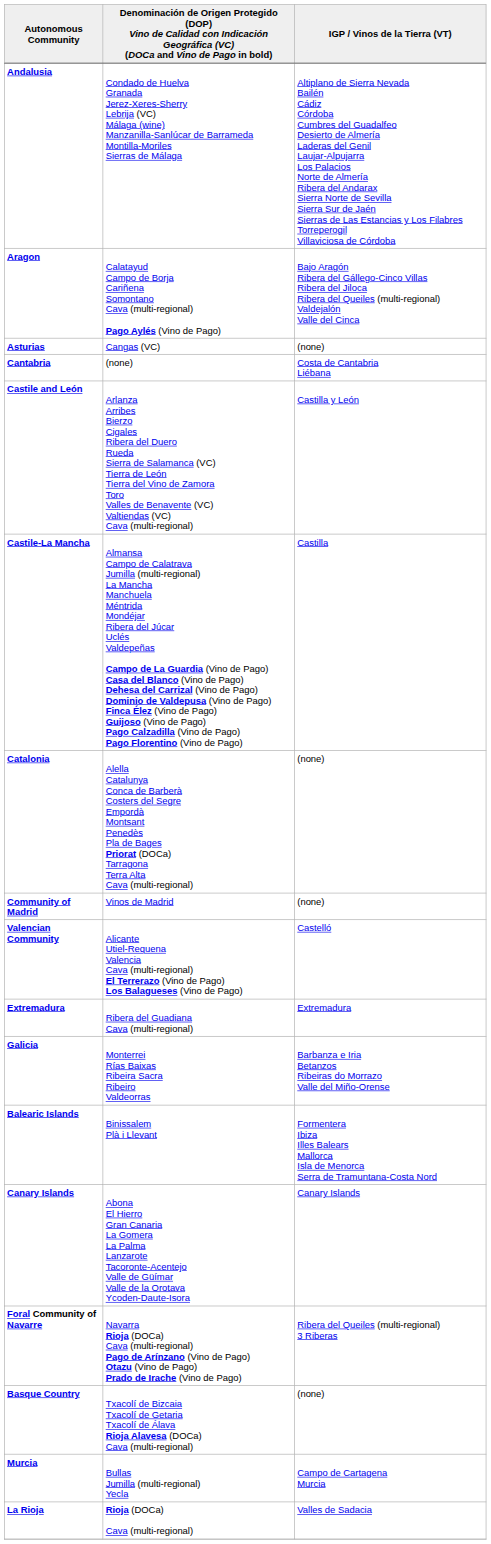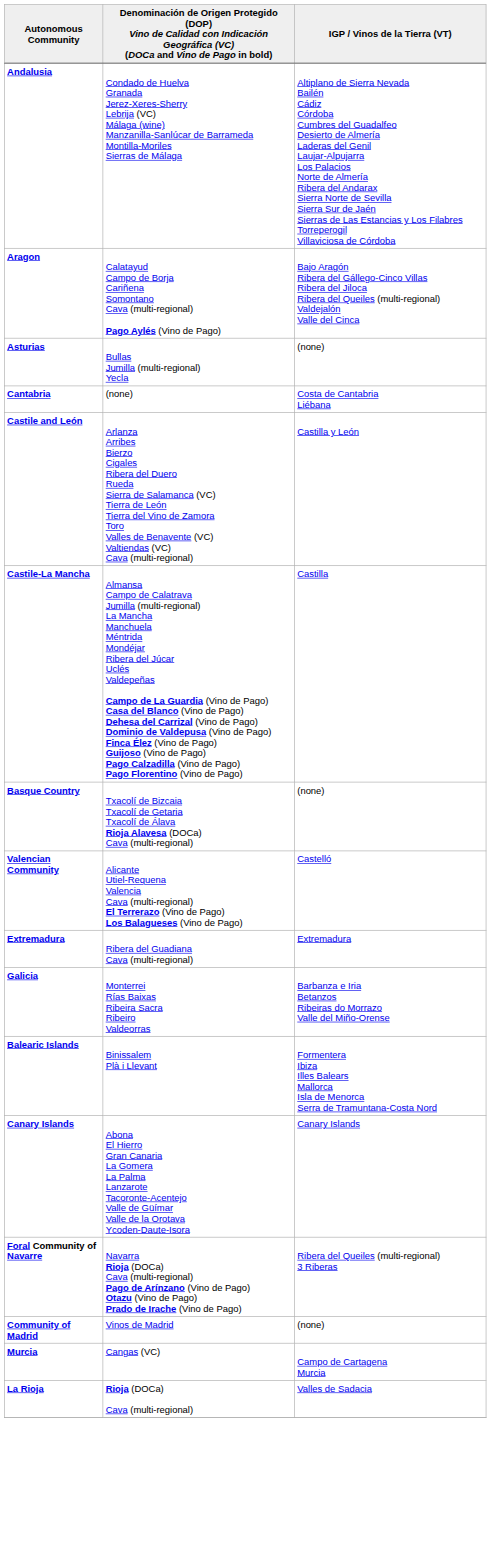 <table align=left border=1 cellpadding=4 cellspacing=0 style="margin: 1em 0 0 0; background: #ffffff; border: 1px #aaaaaa solid; border-collapse: collapse; text-align:left; font-size: 95%;">
 <tr style="text-align:center; background: #efefef; border-bottom:2px solid gray;">
 <th><strong>Autonomous<br>Community</strong></th>
 <th><strong>Denominación de Origen Protegido (DOP)</strong><br><em>Vino de Calidad con Indicación Geográfica (VC)</em><br>(<em>DOCa</em>  and  <em>Vino de Pago</em>  in bold)</th>
 <th><strong>IGP / Vinos de la Tierra (VT)</strong><br></th>
 </tr>
 <tr>
 <td width="100" valign=top><strong><a href='#'>Andalusia</a></strong></td>
 <td width="220" valign=top><br><a href='#'>Condado de Huelva</a><br> <a href='#'>Granada</a><br> <a href='#'>Jerez-Xeres-Sherry</a><br> <a href='#'>Lebrija</a> (VC)<br> <a href='#'>Málaga (wine)</a><br> <a href='#'>Manzanilla-Sanlúcar de Barrameda</a><br> <a href='#'>Montilla-Moriles</a><br> <a href='#'>Sierras de Málaga</a></td>
 <td width="220" valign=top><br><a href='#'>Altiplano de Sierra Nevada</a><br> <a href='#'>Bailén</a><br> <a href='#'>Cádiz</a><br> <a href='#'>Córdoba</a><br> <a href='#'>Cumbres del Guadalfeo</a><br> <a href='#'>Desierto de Almería</a><br> <a href='#'>Laderas del Genil</a><br> <a href='#'>Laujar-Alpujarra</a><br> <a href='#'>Los Palacios</a><br> <a href='#'>Norte de Almería</a><br> <a href='#'>Ribera del Andarax</a><br> <a href='#'>Sierra Norte de Sevilla</a><br> <a href='#'>Sierra Sur de Jaén</a><br> <a href='#'>Sierras de Las Estancias y Los Filabres</a><br> <a href='#'>Torreperogil</a><br> <a href='#'>Villaviciosa de Córdoba</a></td>
 </tr>
 <tr>
 <td width="150" valign=top><strong><a href='#'>Aragon</a></strong></td>
 <td width="300" valign=top><br><a href='#'>Calatayud</a><br> <a href='#'>Campo de Borja</a><br> <a href='#'>Cariñena</a><br> <a href='#'>Somontano</a><br> <a href='#'>Cava</a> (multi-regional)<br> <br> <strong><a href='#'>Pago Aylés</a></strong> (Vino de Pago)<br></td>
 <td width="300" valign=top><br><a href='#'>Bajo Aragón</a><br> <a href='#'>Ribera del Gállego-Cinco Villas</a><br> <a href='#'>Ribera del Jiloca</a><br> <a href='#'>Ribera del Queiles</a> (multi-regional)<br> <a href='#'>Valdejalón</a><br> <a href='#'>Valle del Cinca</a></td>
 </tr>
 <tr>
 <td width="150" valign=top><strong><a href='#'>Asturias</a></strong></td>
-<td width="300" valign=top><a href='#'>Cangas</a> (VC)</td>
+<td width="300" valign=top><br><a href='#'>Bullas</a><br> <a href='#'>Jumilla</a> (multi-regional)<br> <a href='#'>Yecla</a></td>
 <td width="300" valign=top>(none)</td>
 </tr>
 <tr>
 <td width="150" valign=top><strong><a href='#'>Cantabria</a></strong></td>
 <td width="300" valign=top>(none)</td>
 <td width="300" valign=top><a href='#'>Costa de Cantabria</a><br><a href='#'>Liébana</a></td>
 </tr>
 <tr>
 <td width="150" valign=top><strong><a href='#'>Castile and León</a></strong></td>
 <td width="300" valign=top><br><a href='#'>Arlanza</a><br> <a href='#'>Arribes</a><br> <a href='#'>Bierzo</a><br> <a href='#'>Cigales</a><br> <a href='#'>Ribera del Duero</a><br> <a href='#'>Rueda</a><br> <a href='#'>Sierra de Salamanca</a> (VC)<br> <a href='#'>Tierra de León</a><br> <a href='#'>Tierra del Vino de Zamora</a><br> <a href='#'>Toro</a><br> <a href='#'>Valles de Benavente</a> (VC) <br>  <a href='#'>Valtiendas</a> (VC)<br><a href='#'>Cava</a> (multi-regional)</td>
 <td width="300" valign=top><br><a href='#'>Castilla y León</a><br></td>
 </tr>
 <tr>
 <td width="150" valign=top><strong><a href='#'>Castile-La Mancha</a></strong></td>
 <td width="300" valign=top><br><a href='#'>Almansa</a><br> <a href='#'>Campo de Calatrava</a><br> <a href='#'>Jumilla</a> (multi-regional)<br> <a href='#'>La Mancha</a><br> <a href='#'>Manchuela</a><br> <a href='#'>Méntrida</a><br> <a href='#'>Mondéjar</a><br> <a href='#'>Ribera del Júcar</a><br> <a href='#'>Uclés</a><br> <a href='#'>Valdepeñas</a> <br> <br> <strong><a href='#'>Campo de La Guardia</a></strong> (Vino de Pago)<br> <strong><a href='#'>Casa del Blanco</a></strong> (Vino de Pago)<br> <strong><a href='#'>Dehesa del Carrizal</a></strong> (Vino de Pago)<br> <strong><a href='#'>Dominio de Valdepusa</a></strong> (Vino de Pago)<br> <strong><a href='#'>Finca Élez</a></strong> (Vino de Pago)<br> <strong><a href='#'>Guijoso</a></strong> (Vino de Pago)<br> <strong><a href='#'>Pago Calzadilla</a></strong> (Vino de Pago)<br> <strong><a href='#'>Pago Florentino</a></strong> (Vino de Pago)<br></td>
 <td width="300" valign=top><a href='#'>Castilla</a><br></td>
 </tr>
 <tr>
-<td width="150" valign=top><strong><a href='#'>Catalonia</a></strong></td>
-<td width="300" valign=top><br><a href='#'>Alella</a><br> <a href='#'>Catalunya</a><br> <a href='#'>Conca de Barberà</a><br> <a href='#'>Costers del Segre</a><br> <a href='#'>Empordà</a><br> <a href='#'>Montsant</a><br> <a href='#'>Penedès</a><br> <a href='#'>Pla de Bages</a><br> <strong><a href='#'>Priorat</a></strong> (DOCa)<br> <a href='#'>Tarragona</a><br> <a href='#'>Terra Alta</a><br> <a href='#'>Cava</a> (multi-regional)</td>
-<td width="300" valign=top>(none)</td>
-</tr>
-<tr>
-<td width="150" valign=top><strong><a href='#'>Community of Madrid</a></strong></td>
-<td width="300" valign=top><a href='#'>Vinos de Madrid</a></td>
+<td width="150" valign=top><strong><a href='#'>Basque Country</a></strong></td>
+<td width="300" valign=top><br><a href='#'>Txacolí de Bizcaia</a><br> <a href='#'>Txacolí de Getaria</a><br> <a href='#'>Txacolí de Álava</a><br> <strong><a href='#'>Rioja Alavesa</a></strong> (DOCa)<br> <a href='#'>Cava</a> (multi-regional)</td>
 <td width="300" valign=top>(none)</td>
 </tr>
 <tr>
 <td width="150" valign=top><strong><a href='#'>Valencian Community</a></strong></td>
 <td width="300" valign=top><br><a href='#'>Alicante</a><br> <a href='#'>Utiel-Requena</a><br> <a href='#'>Valencia</a><br> <a href='#'>Cava</a> (multi-regional) <br> <strong><a href='#'>El Terrerazo</a></strong> (Vino de Pago)<br> <strong><a href='#'>Los Balagueses</a></strong> (Vino de Pago)<br></td>
 <td width="300" valign=top><a href='#'>Castelló</a><br></td>
 </tr>
 <tr>
 <td width="150" valign=top><strong><a href='#'>Extremadura</a></strong></td>
 <td width="300" valign=top><br><a href='#'>Ribera del Guadiana</a><br> <a href='#'>Cava</a> (multi-regional)</td>
 <td width="300" valign=top><a href='#'>Extremadura</a></td>
 </tr>
 <tr>
 <td width="150" valign=top><strong><a href='#'>Galicia</a></strong></td>
 <td width="300" valign=top><br><a href='#'>Monterrei</a><br> <a href='#'>Rías Baixas</a><br> <a href='#'>Ribeira Sacra</a><br> <a href='#'>Ribeiro</a><br> <a href='#'>Valdeorras</a></td>
 <td width="300" valign=top><br><a href='#'>Barbanza e Iria</a><br> <a href='#'>Betanzos</a><br> <a href='#'>Ribeiras do Morrazo</a><br> <a href='#'>Valle del Miño-Orense</a></td>
 </tr>
 <tr>
 <td width="150" valign=top><strong><a href='#'>Balearic Islands</a></strong></td>
 <td width="300" valign=top><br><a href='#'>Binissalem</a><br> <a href='#'>Plà i Llevant</a></td>
 <td width="300" valign=top><br><a href='#'>Formentera</a><br> <a href='#'>Ibiza</a><br> <a href='#'>Illes Balears</a><br> <a href='#'>Mallorca</a><br> <a href='#'>Isla de Menorca</a><br> <a href='#'>Serra de Tramuntana-Costa Nord</a></td>
 </tr>
 <tr>
 <td width="150" valign=top><strong><a href='#'>Canary Islands</a></strong></td>
 <td width="300" valign=top><br><a href='#'>Abona</a><br> <a href='#'>El Hierro</a><br> <a href='#'>Gran Canaria</a><br> <a href='#'>La Gomera</a><br> <a href='#'>La Palma</a><br> <a href='#'>Lanzarote</a><br> <a href='#'>Tacoronte-Acentejo</a><br> <a href='#'>Valle de Güímar</a><br> <a href='#'>Valle de la Orotava</a><br> <a href='#'>Ycoden-Daute-Isora</a></td>
 <td width="300" valign=top><a href='#'>Canary Islands</a></td>
 </tr>
 <tr>
 <td width="150" valign=top><strong><a href='#'>Foral</a> Community of <a href='#'>Navarre</a></strong></td>
 <td width="300" valign=top><br><a href='#'>Navarra</a><br>  <strong><a href='#'>Rioja</a></strong> (DOCa)<br> <a href='#'>Cava</a> (multi-regional)<br> <strong><a href='#'>Pago de Arínzano</a></strong> (Vino de Pago)<br> <strong><a href='#'>Otazu</a></strong> (Vino de Pago)<br> <strong><a href='#'>Prado de Irache</a></strong> (Vino de Pago)<br></td>
 <td width="300" valign=top><br><a href='#'>Ribera del Queiles</a> (multi-regional)<br> <a href='#'>3 Riberas</a></td>
 </tr>
 <tr>
-<td width="150" valign=top><strong><a href='#'>Basque Country</a></strong></td>
-<td width="300" valign=top><br><a href='#'>Txacolí de Bizcaia</a><br> <a href='#'>Txacolí de Getaria</a><br> <a href='#'>Txacolí de Álava</a><br> <strong><a href='#'>Rioja Alavesa</a></strong> (DOCa)<br> <a href='#'>Cava</a> (multi-regional)</td>
+<td width="150" valign=top><strong><a href='#'>Community of Madrid</a></strong></td>
+<td width="300" valign=top><a href='#'>Vinos de Madrid</a></td>
 <td width="300" valign=top>(none)</td>
 </tr>
 <tr>
 <td width="150" valign=top><strong><a href='#'>Murcia</a></strong></td>
-<td width="300" valign=top><br><a href='#'>Bullas</a><br> <a href='#'>Jumilla</a> (multi-regional)<br> <a href='#'>Yecla</a></td>
+<td width="300" valign=top><a href='#'>Cangas</a> (VC)</td>
 <td width="300" valign=top><br><a href='#'>Campo de Cartagena</a><br> <a href='#'>Murcia</a></td>
 </tr>
 <tr>
 <td width="150" valign=top><strong><a href='#'>La Rioja</a></strong></td>
 <td width="300" valign=top><strong><a href='#'>Rioja</a></strong> (DOCa)<br><br><a href='#'>Cava</a> (multi-regional)</td>
 <td width="300" valign=top><a href='#'>Valles de Sadacia</a></td>
 </tr>
 <tr>
 </tr>
 </table>
